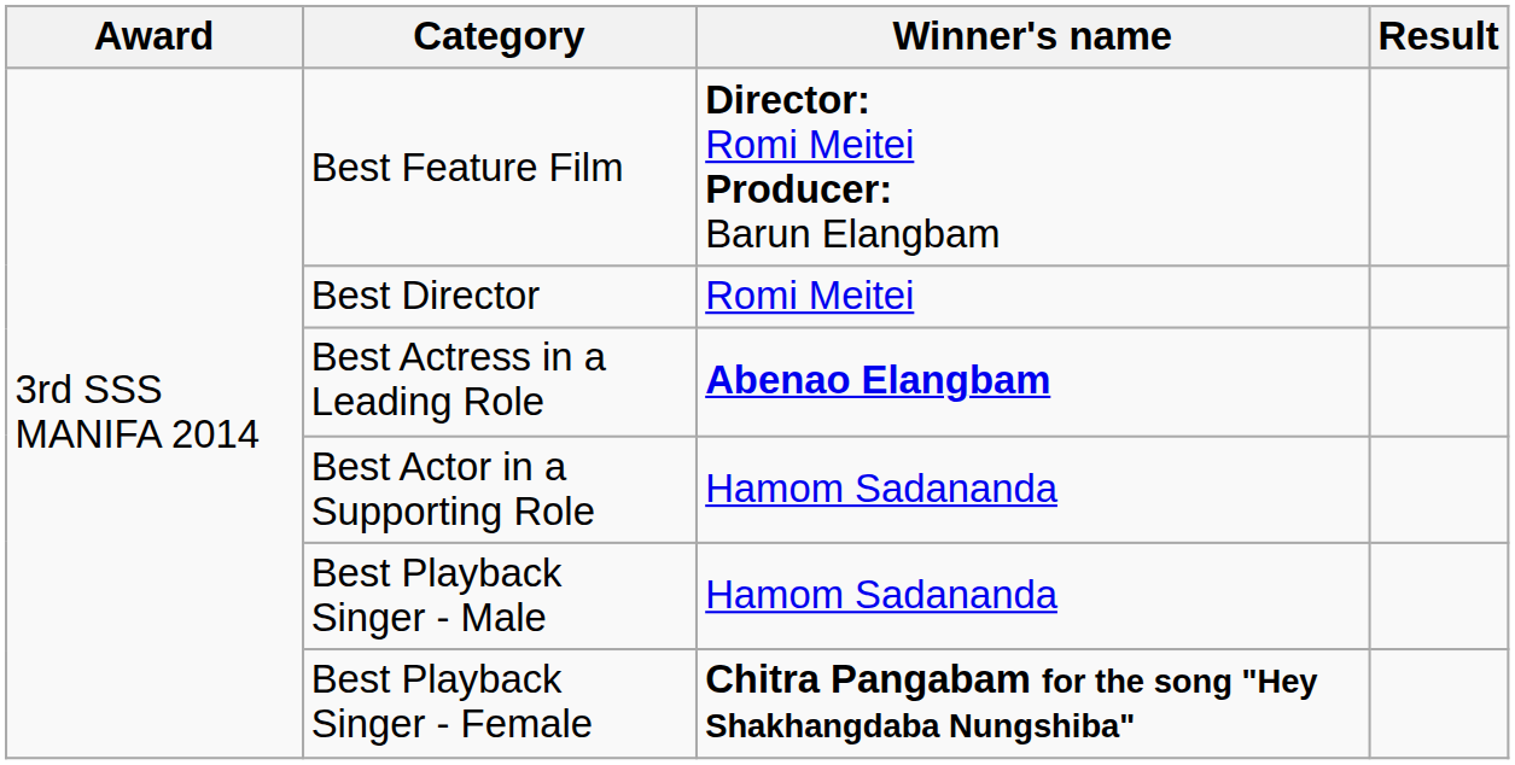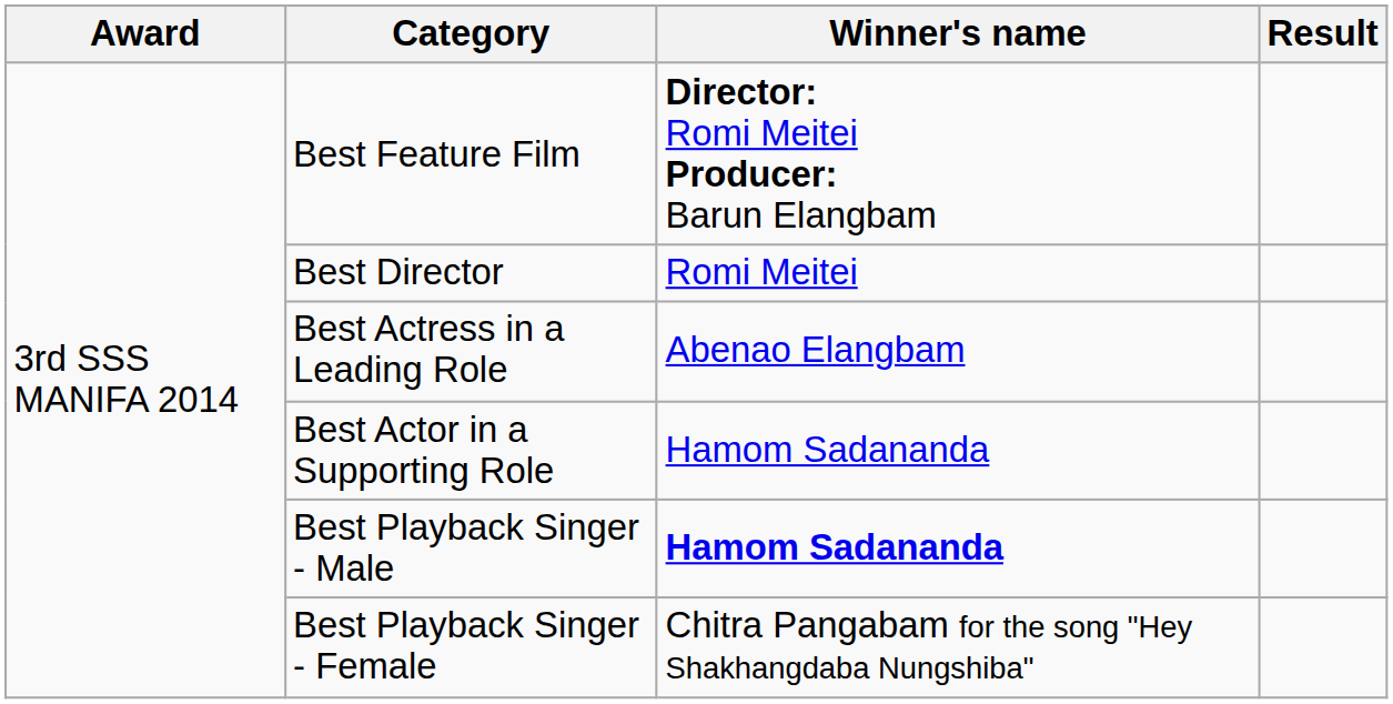 <table class="wikitable sortable">
 <tr>
 <th>Award</th>
 <th>Category</th>
 <th>Winner's name</th>
 <th>Result</th>
 </tr>
 <tr>
 <td rowspan="6">3rd SSS MANIFA 2014</td>
 <td>Best Feature Film</td>
 <td><strong>Director:</strong><br><a href='#'>Romi Meitei</a><br><strong>Producer:</strong><br>Barun Elangbam</td>
 <td></td>
 </tr>
 <tr>
 <td>Best Director</td>
 <td><a href='#'>Romi Meitei</a></td>
 <td></td>
 </tr>
 <tr>
 <td>Best Actress in a Leading Role</td>
-<td><strong><a href='#'>Abenao Elangbam</a></strong></td>
+<td><a href='#'>Abenao Elangbam</a></td>
 <td></td>
 </tr>
 <tr>
 <td>Best Actor in a Supporting Role</td>
 <td><a href='#'>Hamom Sadananda</a></td>
 <td></td>
 </tr>
 <tr>
 <td>Best Playback Singer - Male</td>
-<td><a href='#'>Hamom Sadananda</a></td>
+<td><strong><a href='#'>Hamom Sadananda</a></strong></td>
 <td></td>
 </tr>
 <tr>
 <td>Best Playback Singer - Female</td>
-<td><strong>Chitra Pangabam <small>for the song "Hey Shakhangdaba Nungshiba"</small></strong></td>
+<td>Chitra Pangabam <small>for the song "Hey Shakhangdaba Nungshiba"</small></td>
 <td></td>
 </tr>
 </table>
